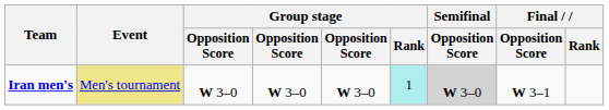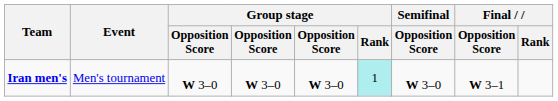 <table class="wikitable" style="text-align:center; font-size:90%">
 <tr>
 <th rowspan=2>Team</th>
 <th rowspan=2>Event</th>
 <th colspan=4>Group stage</th>
 <th>Semifinal</th>
 <th colspan=2>Final /  / </th>
 </tr>
 <tr style="font-size:95%">
 <th>Opposition<br>Score</th>
 <th>Opposition<br>Score</th>
 <th>Opposition<br>Score</th>
 <th>Rank</th>
 <th>Opposition<br>Score</th>
 <th>Opposition<br>Score</th>
 <th>Rank</th>
 </tr>
 <tr>
 <td align=left><strong><a href='#'>Iran men's</a></strong></td>
-<td align=left style="background: khaki;"><a href='#'>Men's tournament</a></td>
+<td align=left><a href='#'>Men's tournament</a></td>
 <td><br><strong>W</strong> 3–0</td>
 <td><br><strong>W</strong> 3–0</td>
 <td><br><strong>W</strong> 3–0</td>
 <td style="background: paleturquoise;">1</td>
-<td style="background: lightgrey;"><br> <strong>W</strong> 3–0</td>
+<td><br> <strong>W</strong> 3–0</td>
 <td><br><strong>W</strong> 3–1</td>
 <td></td>
 </tr>
 </table>
